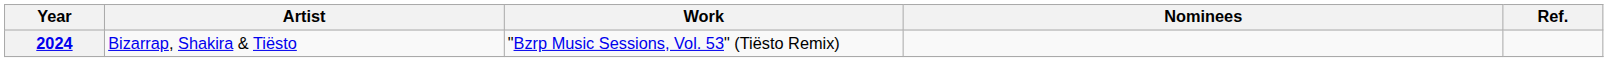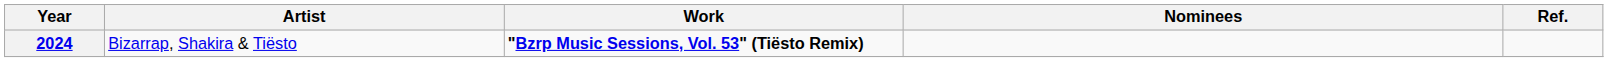 <table class="wikitable plainrowheaders sortable">
 <tr>
 <th scope="col" width="5%">Year</th>
 <th scope="col" width="20%">Artist</th>
 <th scope="col" width="20%">Work</th>
 <th scope="col" class="unsortable" width="30%">Nominees</th>
 <th scope="col" class="unsortable" width="5%">Ref.</th>
 </tr>
 <tr>
 <th style="text-align:center;" scope="row"><a href='#'><strong>2024</strong></a></th>
 <td><a href='#'>Bizarrap</a>, <a href='#'>Shakira</a> & <a href='#'>Tiësto</a></td>
-<td>"<a href='#'>Bzrp Music Sessions, Vol. 53</a>" (Tiësto Remix)</td>
+<td><strong>"<a href='#'>Bzrp Music Sessions, Vol. 53</a>" (Tiësto Remix)</strong></td>
 <td></td>
 <td align="center"></td>
 </tr>
 <tr>
 </tr>
 </table>
